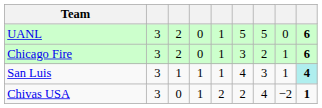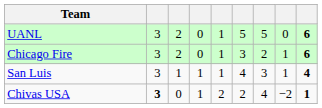 <table class="wikitable" style="text-align: center;">
 <tr>
 <th width="175">Team</th>
 <th width="20"></th>
 <th width="20"></th>
 <th width="20"></th>
 <th width="20"></th>
 <th width="20"></th>
 <th width="20"></th>
 <th width="20"></th>
 <th width="20"></th>
 </tr>
 <tr style="background:#ccffcc;">
 <td style="text-align:left;"> <a href='#'>UANL</a></td>
 <td>3</td>
 <td>2</td>
 <td>0</td>
 <td>1</td>
 <td>5</td>
 <td>5</td>
 <td>0</td>
 <td><strong>6</strong></td>
 </tr>
 <tr style="background:#ccffcc;">
 <td style="text-align:left;"> <a href='#'>Chicago Fire</a></td>
 <td>3</td>
 <td>2</td>
 <td>0</td>
 <td>1</td>
 <td>3</td>
 <td>2</td>
 <td>1</td>
 <td><strong>6</strong></td>
 </tr>
 <tr>
 <td style="text-align:left;"> <a href='#'>San Luis</a></td>
 <td>3</td>
 <td>1</td>
 <td>1</td>
 <td>1</td>
 <td>4</td>
 <td>3</td>
 <td>1</td>
-<td style="background: paleturquoise;"><strong>4</strong></td>
+<td><strong>4</strong></td>
 </tr>
 <tr>
 <td style="text-align:left;"> <a href='#'>Chivas USA</a></td>
-<td>3</td>
+<td><strong>3</strong></td>
 <td>0</td>
 <td>1</td>
 <td>2</td>
 <td>2</td>
 <td>4</td>
 <td>−2</td>
 <td><strong>1</strong></td>
 </tr>
 </table>
